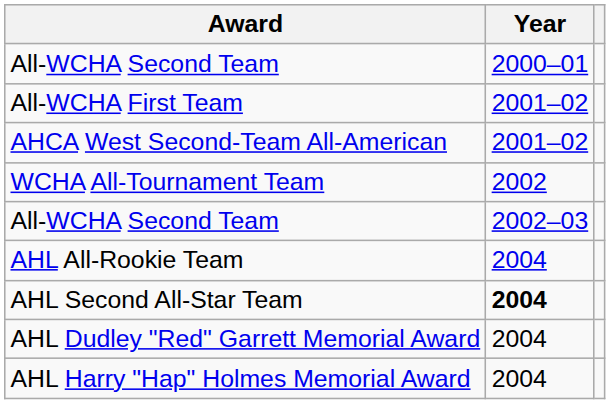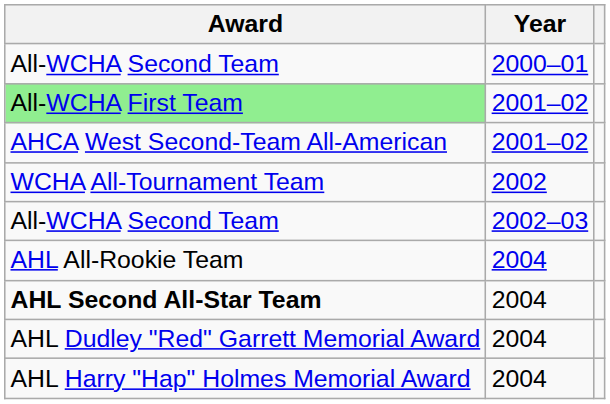 <table class="wikitable">
 <tr>
 <th>Award</th>
 <th>Year</th>
 <th></th>
 </tr>
 <tr>
 <td>All-<a href='#'>WCHA</a> <a href='#'>Second Team</a></td>
 <td><a href='#'>2000–01</a></td>
 <td></td>
 </tr>
 <tr>
-<td>All-<a href='#'>WCHA</a> <a href='#'>First Team</a></td>
+<td style="background: lightgreen;">All-<a href='#'>WCHA</a> <a href='#'>First Team</a></td>
 <td><a href='#'>2001–02</a></td>
 <td></td>
 </tr>
 <tr>
 <td><a href='#'>AHCA</a> <a href='#'>West Second-Team All-American</a></td>
 <td><a href='#'>2001–02</a></td>
 <td></td>
 </tr>
 <tr>
 <td><a href='#'>WCHA</a> <a href='#'>All-Tournament Team</a></td>
 <td><a href='#'>2002</a></td>
 <td></td>
 </tr>
 <tr>
 <td>All-<a href='#'>WCHA</a> <a href='#'>Second Team</a></td>
 <td><a href='#'>2002–03</a></td>
 <td></td>
 </tr>
 <tr>
 <td><a href='#'>AHL</a> All-Rookie Team</td>
 <td><a href='#'>2004</a></td>
 <td></td>
 </tr>
 <tr>
-<td>AHL Second All-Star Team</td>
-<td><strong>2004</strong></td>
+<td><strong>AHL Second All-Star Team</strong></td>
+<td>2004</td>
 <td></td>
 </tr>
 <tr>
 <td>AHL <a href='#'>Dudley "Red" Garrett Memorial Award</a></td>
 <td>2004</td>
 <td></td>
 </tr>
 <tr>
 <td>AHL <a href='#'>Harry "Hap" Holmes Memorial Award</a></td>
 <td>2004</td>
 <td></td>
 </tr>
 </table>
